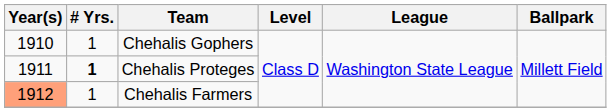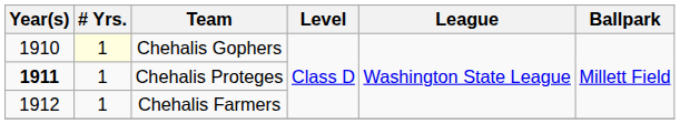 <table class="wikitable" style="text-align:center; font-size: 95%;">
 <tr>
 <th>Year(s)</th>
 <th># Yrs.</th>
 <th>Team</th>
 <th>Level</th>
 <th>League</th>
 <th>Ballpark</th>
 </tr>
 <tr>
 <td>1910</td>
-<td>1</td>
+<td style="background: lightyellow;">1</td>
 <td>Chehalis Gophers</td>
 <td rowspan=3><a href='#'>Class D</a></td>
 <td rowspan=3><a href='#'>Washington State League</a></td>
 <td rowspan=3><a href='#'>Millett Field</a></td>
 </tr>
 <tr>
-<td>1911</td>
-<td><strong>1</strong></td>
+<td><strong>1911</strong></td>
+<td>1</td>
 <td>Chehalis Proteges</td>
 </tr>
 <tr>
-<td style="background: lightsalmon;">1912</td>
+<td>1912</td>
 <td>1</td>
 <td>Chehalis Farmers</td>
 </tr>
 <tr>
 </tr>
 </table>
